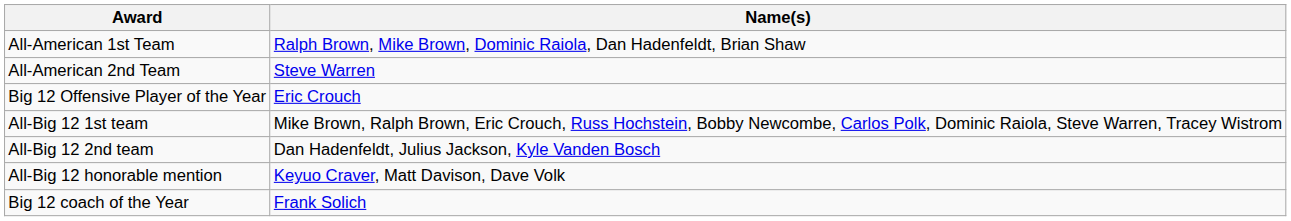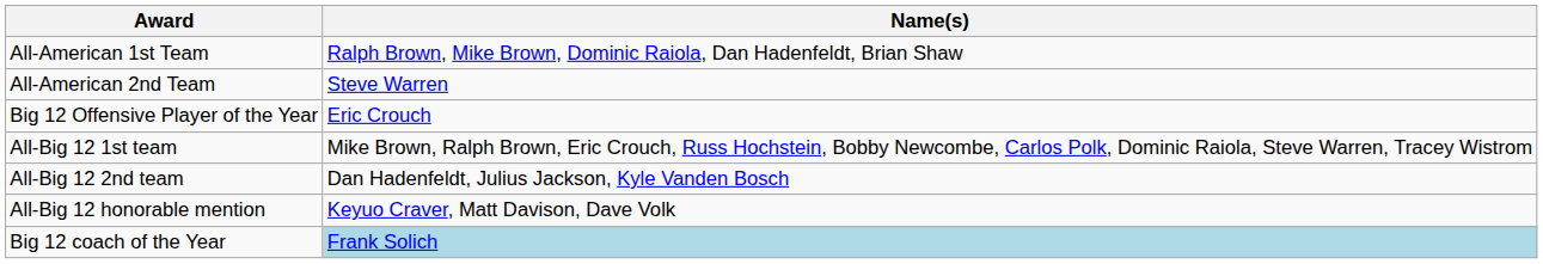 <table class="wikitable">
 <tr>
 <th>Award</th>
 <th>Name(s)</th>
 </tr>
 <tr>
 <td>All-American 1st Team</td>
 <td><a href='#'>Ralph Brown</a>, <a href='#'>Mike Brown</a>, <a href='#'>Dominic Raiola</a>, Dan Hadenfeldt, Brian Shaw</td>
 </tr>
 <tr>
 <td>All-American 2nd Team</td>
 <td><a href='#'>Steve Warren</a></td>
 </tr>
 <tr>
 <td>Big 12 Offensive Player of the Year</td>
 <td><a href='#'>Eric Crouch</a></td>
 </tr>
 <tr>
 <td>All-Big 12 1st team</td>
 <td>Mike Brown, Ralph Brown, Eric Crouch, <a href='#'>Russ Hochstein</a>, Bobby Newcombe, <a href='#'>Carlos Polk</a>, Dominic Raiola, Steve Warren, Tracey Wistrom</td>
 </tr>
 <tr>
 <td>All-Big 12 2nd team</td>
 <td>Dan Hadenfeldt, Julius Jackson, <a href='#'>Kyle Vanden Bosch</a></td>
 </tr>
 <tr>
 <td>All-Big 12 honorable mention</td>
 <td><a href='#'>Keyuo Craver</a>, Matt Davison, Dave Volk</td>
 </tr>
 <tr>
 <td>Big 12 coach of the Year</td>
-<td><a href='#'>Frank Solich</a></td>
+<td style="background: lightblue;"><a href='#'>Frank Solich</a></td>
 </tr>
 </table>
